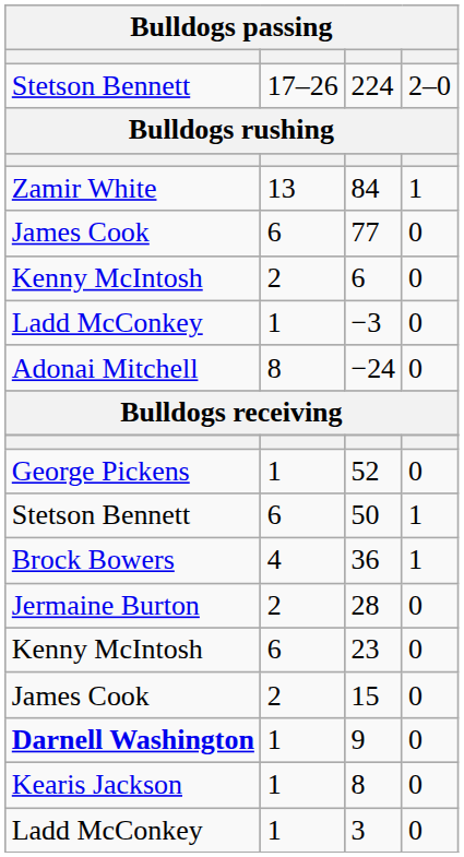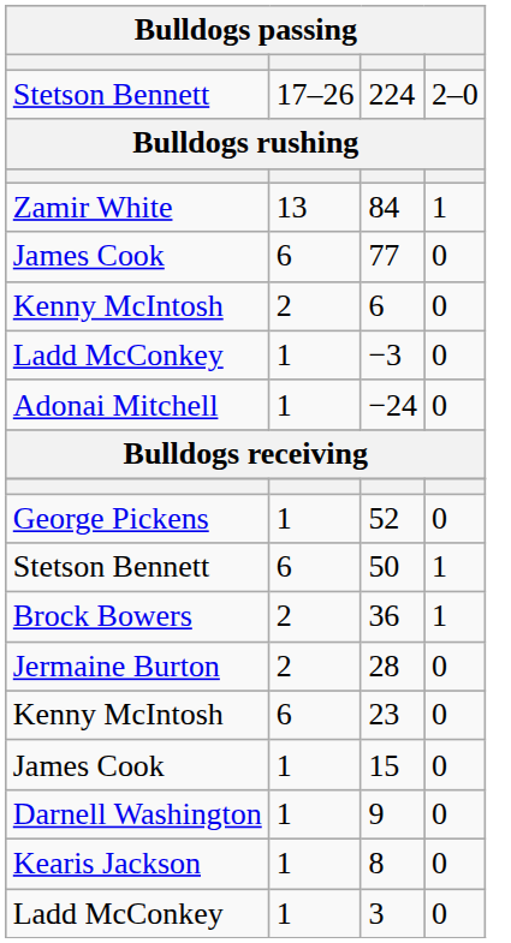 <table class="wikitable plainrowheaders">
 <tr>
 <th colspan="6">Bulldogs passing</th>
 </tr>
 <tr>
 <th scope="col"></th>
 <th scope="col"></th>
 <th scope="col"></th>
 <th scope="col"></th>
 </tr>
 <tr>
 <td><a href='#'>Stetson Bennett</a></td>
 <td>17–26</td>
 <td>224</td>
 <td>2–0</td>
 </tr>
 <tr>
 <th colspan="6">Bulldogs rushing</th>
 </tr>
 <tr>
 <th scope="col"></th>
 <th scope="col"></th>
 <th scope="col"></th>
 <th scope="col"></th>
 </tr>
 <tr>
 <td><a href='#'>Zamir White</a></td>
 <td>13</td>
 <td>84</td>
 <td>1</td>
 </tr>
 <tr>
 <td><a href='#'>James Cook</a></td>
 <td>6</td>
 <td>77</td>
 <td>0</td>
 </tr>
 <tr>
 <td><a href='#'>Kenny McIntosh</a></td>
 <td>2</td>
 <td>6</td>
 <td>0</td>
 </tr>
 <tr>
 <td><a href='#'>Ladd McConkey</a></td>
 <td>1</td>
 <td>−3</td>
 <td>0</td>
 </tr>
 <tr>
 <td><a href='#'>Adonai Mitchell</a></td>
-<td>8</td>
+<td>1</td>
 <td>−24</td>
 <td>0</td>
 </tr>
 <tr>
 <th colspan="6">Bulldogs receiving</th>
 </tr>
 <tr>
 </tr>
 <tr>
 <th scope="col"></th>
 <th scope="col"></th>
 <th scope="col"></th>
 <th scope="col"></th>
 </tr>
 <tr>
 <td><a href='#'>George Pickens</a></td>
 <td>1</td>
 <td>52</td>
 <td>0</td>
 </tr>
 <tr>
 <td>Stetson Bennett</td>
 <td>6</td>
 <td>50</td>
 <td>1</td>
 </tr>
 <tr>
 <td><a href='#'>Brock Bowers</a></td>
-<td>4</td>
+<td>2</td>
 <td>36</td>
 <td>1</td>
 </tr>
 <tr>
 <td><a href='#'>Jermaine Burton</a></td>
 <td>2</td>
 <td>28</td>
 <td>0</td>
 </tr>
 <tr>
 <td>Kenny McIntosh</td>
 <td>6</td>
 <td>23</td>
 <td>0</td>
 </tr>
 <tr>
 <td>James Cook</td>
-<td>2</td>
+<td>1</td>
 <td>15</td>
 <td>0</td>
 </tr>
 <tr>
-<td><strong><a href='#'>Darnell Washington</a></strong></td>
+<td><a href='#'>Darnell Washington</a></td>
 <td>1</td>
 <td>9</td>
 <td>0</td>
 </tr>
 <tr>
 <td><a href='#'>Kearis Jackson</a></td>
 <td>1</td>
 <td>8</td>
 <td>0</td>
 </tr>
 <tr>
 <td>Ladd McConkey</td>
 <td>1</td>
 <td>3</td>
 <td>0</td>
 </tr>
 <tr>
 </tr>
 </table>
